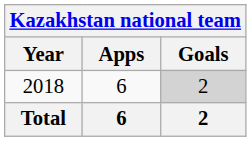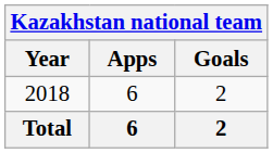 <table class="wikitable" style="text-align:center">
 <tr>
 <th colspan=3><a href='#'>Kazakhstan national team</a></th>
 </tr>
 <tr>
 <th>Year</th>
 <th>Apps</th>
 <th>Goals</th>
 </tr>
 <tr>
 <td>2018</td>
 <td>6</td>
-<td style="background: lightgrey;">2</td>
+<td>2</td>
 </tr>
 <tr>
 <th>Total</th>
 <th>6</th>
 <th>2</th>
 </tr>
 </table>
